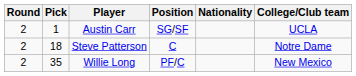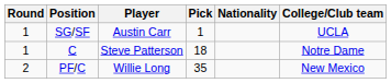 <table class="wikitable sortable sortable">
 <tr>
 <th>Round</th>
+<th>Position</th>
+<th>Player</th>
 <th>Pick</th>
-<th>Player</th>
-<th>Position</th>
 <th>Nationality</th>
 <th>College/Club team</th>
 </tr>
 <tr style="text-align: center">
-<td>2</td>
 <td>1</td>
+<td><a href='#'>SG</a>/<a href='#'>SF</a></td>
 <td><a href='#'>Austin Carr</a></td>
-<td><a href='#'>SG</a>/<a href='#'>SF</a></td>
+<td>1</td>
 <td></td>
 <td><a href='#'>UCLA</a></td>
 </tr>
 <tr style="text-align: center">
-<td>2</td>
+<td>1</td>
+<td><a href='#'>C</a></td>
+<td><a href='#'>Steve Patterson</a></td>
 <td>18</td>
-<td><a href='#'>Steve Patterson</a></td>
-<td><a href='#'>C</a></td>
 <td></td>
 <td><a href='#'>Notre Dame</a></td>
 </tr>
 <tr style="text-align: center">
 <td>2</td>
+<td><a href='#'>PF</a>/<a href='#'>C</a></td>
+<td><a href='#'>Willie Long</a></td>
 <td>35</td>
-<td><a href='#'>Willie Long</a></td>
-<td><a href='#'>PF</a>/<a href='#'>C</a></td>
 <td></td>
 <td><a href='#'>New Mexico</a></td>
 </tr>
 </table>
